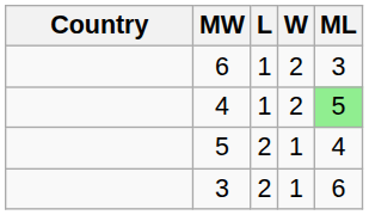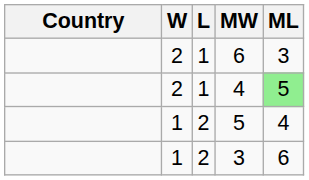 <table class="wikitable sortable" style="text-align:center">
 <tr>
 <th width=110>Country</th>
+<th>W</th>
+<th>L</th>
 <th>MW</th>
-<th>L</th>
-<th>W</th>
 <th>ML</th>
 </tr>
 <tr>
 <td align=left><strong></strong></td>
+<td>2</td>
+<td>1</td>
 <td>6</td>
-<td>1</td>
-<td>2</td>
 <td>3</td>
 </tr>
 <tr>
 <td align=left></td>
+<td>2</td>
+<td>1</td>
 <td>4</td>
-<td>1</td>
-<td>2</td>
 <td style="background: lightgreen;">5</td>
 </tr>
 <tr>
 <td align=left></td>
+<td>1</td>
+<td>2</td>
 <td>5</td>
-<td>2</td>
-<td>1</td>
 <td>4</td>
 </tr>
 <tr>
 <td align=left></td>
+<td>1</td>
+<td>2</td>
 <td>3</td>
-<td>2</td>
-<td>1</td>
 <td>6</td>
 </tr>
 </table>
